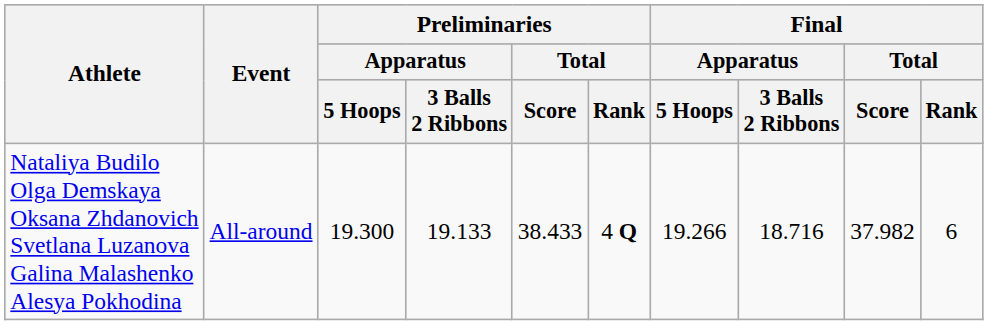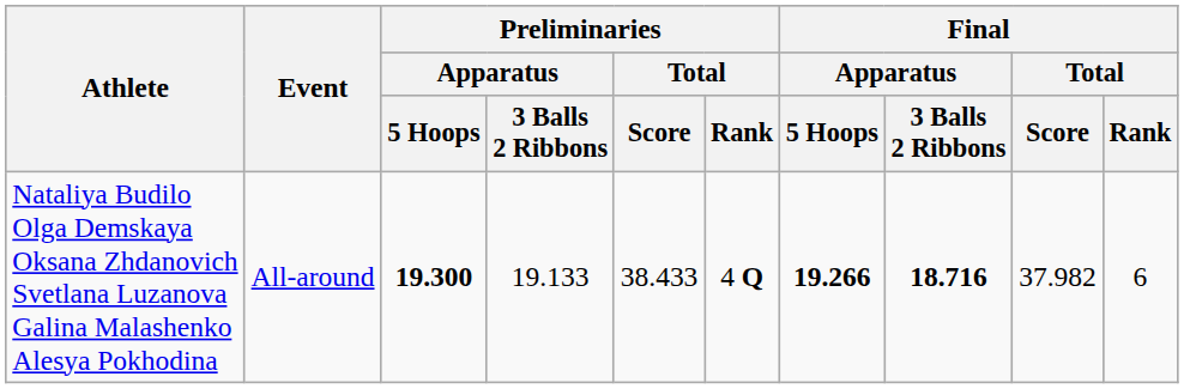 <table class=wikitable style=font-size:90%;text-align:center>
 <tr>
 <th rowspan=3>Athlete</th>
 <th rowspan=3>Event</th>
 <th colspan=4>Preliminaries</th>
 <th colspan=4>Final</th>
 </tr>
 <tr style=font-size:95%>
 <th colspan=2>Apparatus</th>
 <th colspan=2>Total</th>
 <th colspan=2>Apparatus</th>
 <th colspan=2>Total</th>
 </tr>
 <tr style=font-size:95%>
 <th>5 Hoops</th>
 <th>3 Balls<br>2 Ribbons</th>
 <th>Score</th>
 <th>Rank</th>
 <th>5 Hoops</th>
 <th>3 Balls<br>2 Ribbons</th>
 <th>Score</th>
 <th>Rank</th>
 </tr>
 <tr>
 <td align=left><a href='#'>Nataliya Budilo</a><br><a href='#'>Olga Demskaya</a><br><a href='#'>Oksana Zhdanovich</a><br><a href='#'>Svetlana Luzanova</a><br><a href='#'>Galina Malashenko</a><br><a href='#'>Alesya Pokhodina</a></td>
 <td align=left><a href='#'>All-around</a></td>
-<td>19.300</td>
+<td><strong>19.300</strong></td>
 <td>19.133</td>
 <td>38.433</td>
 <td>4 <strong>Q</strong></td>
-<td>19.266</td>
-<td>18.716</td>
+<td><strong>19.266</strong></td>
+<td><strong>18.716</strong></td>
 <td>37.982</td>
 <td>6</td>
 </tr>
 </table>
